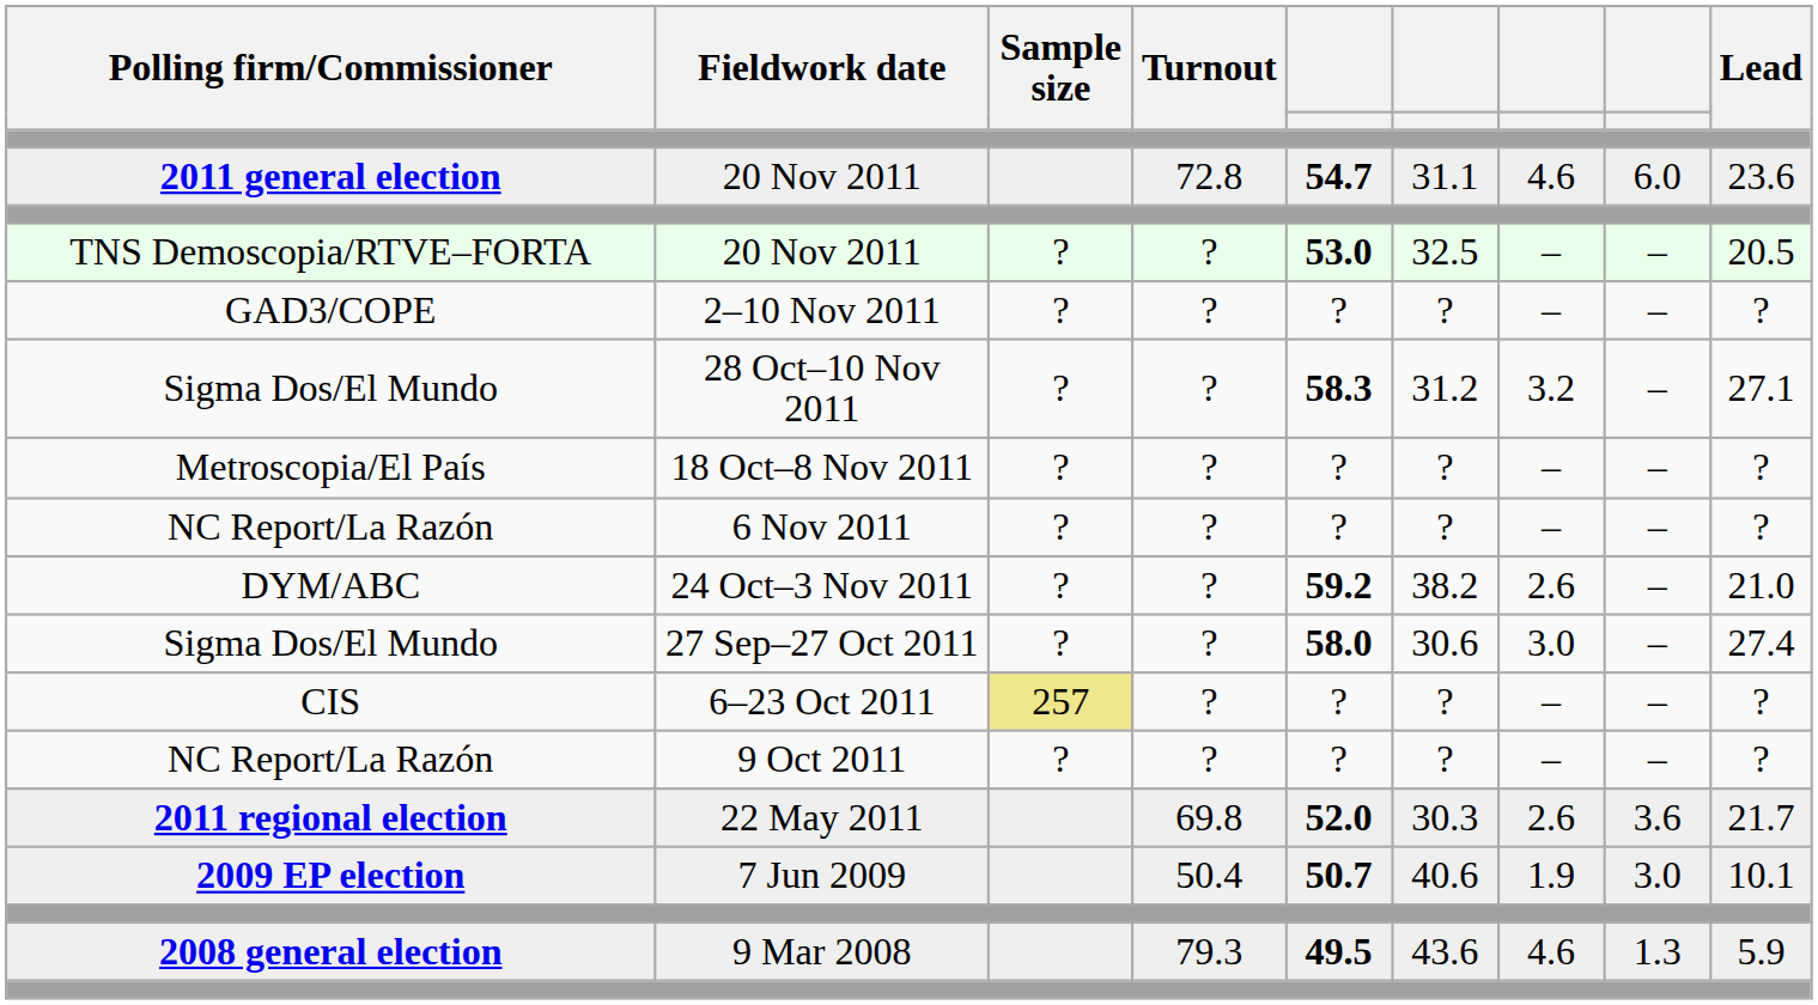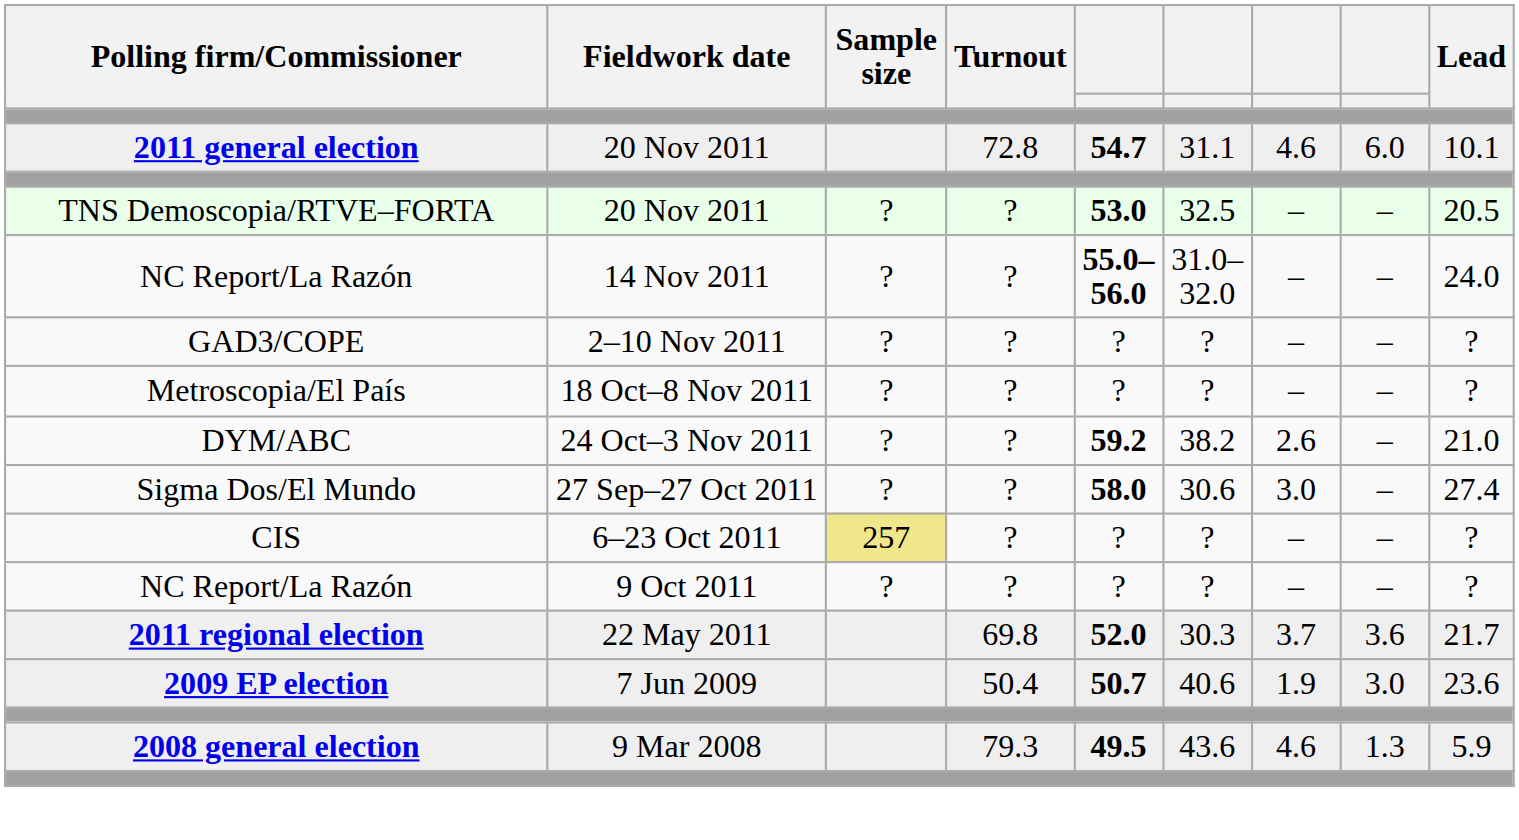 <table class="wikitable collapsible collapsed" style="text-align:center; font-size:95%; line-height:16px;">
 <tr style="height:42px;">
 <th style="width:250px;" rowspan="2">Polling firm/Commissioner</th>
 <th style="width:125px;" rowspan="2">Fieldwork date</th>
 <th style="width:50px;" rowspan="2">Sample size</th>
 <th style="width:45px;" rowspan="2">Turnout</th>
 <th style="width:35px;"></th>
 <th style="width:35px;"></th>
 <th style="width:35px;"></th>
 <th style="width:35px;"></th>
 <th style="width:30px;" rowspan="2">Lead</th>
 </tr>
 <tr>
 <th style="color:inherit;background:"></th>
 <th style="color:inherit;background:"></th>
 <th style="color:inherit;background:"></th>
 <th style="color:inherit;background:"></th>
 </tr>
 <tr>
 <td colspan="9" style="background:#A0A0A0"></td>
 </tr>
 <tr style="background:#EFEFEF;">
 <td><strong><a href='#'>2011 general election</a></strong></td>
 <td>20 Nov 2011</td>
 <td></td>
 <td>72.8</td>
 <td><strong>54.7</strong><br></td>
 <td>31.1<br></td>
 <td>4.6<br></td>
 <td>6.0<br></td>
-<td style="background:">23.6</td>
+<td style="background:">10.1</td>
 </tr>
 <tr>
 <td colspan="9" style="background:#A0A0A0"></td>
 </tr>
 <tr style="background:#EAFFEA;">
 <td>TNS Demoscopia/RTVE–FORTA</td>
 <td>20 Nov 2011</td>
 <td>?</td>
 <td>?</td>
 <td><strong>53.0</strong><br></td>
 <td>32.5<br></td>
 <td>–</td>
 <td>–</td>
 <td style="background:">20.5</td>
 </tr>
 <tr>
+<td>NC Report/La Razón</td>
+<td>14 Nov 2011</td>
+<td>?</td>
+<td>?</td>
+<td><strong>55.0–<br>56.0</strong><br></td>
+<td>31.0–<br>32.0<br></td>
+<td>–</td>
+<td>–</td>
+<td style="background:">24.0</td>
+</tr>
+<tr>
 <td>GAD3/COPE</td>
 <td>2–10 Nov 2011</td>
 <td>?</td>
 <td>?</td>
 <td>?<br></td>
 <td>?<br></td>
 <td>–</td>
 <td>–</td>
 <td style="background:">?</td>
 </tr>
 <tr>
-<td>Sigma Dos/El Mundo</td>
-<td>28 Oct–10 Nov 2011</td>
-<td>?</td>
-<td>?</td>
-<td><strong>58.3</strong><br></td>
-<td>31.2<br></td>
-<td>3.2<br></td>
-<td>–</td>
-<td style="background:">27.1</td>
-</tr>
-<tr>
 <td>Metroscopia/El País</td>
 <td>18 Oct–8 Nov 2011</td>
-<td>?</td>
-<td>?</td>
-<td>?<br></td>
-<td>?<br></td>
-<td>–</td>
-<td>–</td>
-<td style="background:">?</td>
-</tr>
-<tr>
-<td>NC Report/La Razón</td>
-<td>6 Nov 2011</td>
 <td>?</td>
 <td>?</td>
 <td>?<br></td>
 <td>?<br></td>
 <td>–</td>
 <td>–</td>
 <td style="background:">?</td>
 </tr>
 <tr>
 <td>DYM/ABC</td>
 <td>24 Oct–3 Nov 2011</td>
 <td>?</td>
 <td>?</td>
 <td><strong>59.2</strong><br></td>
 <td>38.2<br></td>
 <td>2.6<br></td>
 <td>–</td>
 <td style="background:">21.0</td>
 </tr>
 <tr>
 <td>Sigma Dos/El Mundo</td>
 <td>27 Sep–27 Oct 2011</td>
 <td>?</td>
 <td>?</td>
 <td><strong>58.0</strong><br></td>
 <td>30.6<br></td>
 <td>3.0<br></td>
 <td>–</td>
 <td style="background:">27.4</td>
 </tr>
 <tr>
 <td>CIS</td>
 <td>6–23 Oct 2011</td>
 <td style="background: khaki;">257</td>
 <td>?</td>
 <td>?<br></td>
 <td>?<br></td>
 <td>–</td>
 <td>–</td>
 <td style="background:">?</td>
 </tr>
 <tr>
 <td>NC Report/La Razón</td>
 <td>9 Oct 2011</td>
 <td>?</td>
 <td>?</td>
 <td>?<br></td>
 <td>?<br></td>
 <td>–</td>
 <td>–</td>
 <td style="background:">?</td>
 </tr>
 <tr style="background:#EFEFEF;">
 <td><strong><a href='#'>2011 regional election</a></strong></td>
 <td>22 May 2011</td>
 <td></td>
 <td>69.8</td>
 <td><strong>52.0</strong><br></td>
 <td>30.3<br></td>
-<td>2.6<br></td>
+<td>3.7<br></td>
 <td>3.6<br></td>
 <td style="background:">21.7</td>
 </tr>
 <tr style="background:#EFEFEF;">
 <td><strong><a href='#'>2009 EP election</a></strong></td>
 <td>7 Jun 2009</td>
 <td></td>
 <td>50.4</td>
 <td><strong>50.7</strong><br></td>
 <td>40.6<br></td>
 <td>1.9<br></td>
 <td>3.0<br></td>
-<td style="background:">10.1</td>
+<td style="background:">23.6</td>
 </tr>
 <tr>
 <td colspan="9" style="background:#A0A0A0"></td>
 </tr>
 <tr style="background:#EFEFEF;">
 <td><strong><a href='#'>2008 general election</a></strong></td>
 <td>9 Mar 2008</td>
 <td></td>
 <td>79.3</td>
 <td><strong>49.5</strong><br></td>
 <td>43.6<br></td>
 <td>4.6<br></td>
 <td>1.3<br></td>
 <td style="background:">5.9</td>
 </tr>
 <tr>
 <td colspan="9" style="background:#A0A0A0"></td>
 </tr>
 </table>
